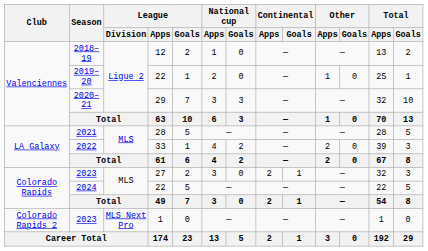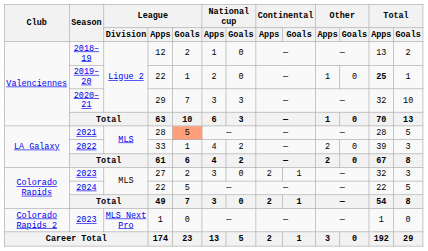 <table class="wikitable" style="text-align:center">
 <tr>
 <th rowspan="2">Club</th>
 <th rowspan="2">Season</th>
 <th colspan="3">League</th>
 <th colspan="2">National cup</th>
 <th colspan="2">Continental</th>
 <th colspan="2">Other</th>
 <th colspan="2">Total</th>
 </tr>
 <tr>
 <th>Division</th>
 <th>Apps</th>
 <th>Goals</th>
 <th>Apps</th>
 <th>Goals</th>
 <th>Apps</th>
 <th>Goals</th>
 <th>Apps</th>
 <th>Goals</th>
 <th>Apps</th>
 <th>Goals</th>
 </tr>
 <tr>
 <td rowspan="4"><a href='#'>Valenciennes</a></td>
 <td><a href='#'>2018–19</a></td>
 <td rowspan="3"><a href='#'>Ligue 2</a></td>
 <td>12</td>
 <td>2</td>
 <td>1</td>
 <td>0</td>
 <td colspan="2">—</td>
 <td colspan="2">—</td>
 <td>13</td>
 <td>2</td>
 </tr>
 <tr>
 <td><a href='#'>2019–20</a></td>
 <td>22</td>
 <td>1</td>
 <td>2</td>
 <td>0</td>
 <td colspan="2">—</td>
 <td>1</td>
 <td>0</td>
-<td>25</td>
+<td><strong>25</strong></td>
 <td>1</td>
 </tr>
 <tr>
 <td><a href='#'>2020–21</a></td>
 <td>29</td>
 <td>7</td>
 <td>3</td>
 <td>3</td>
 <td colspan="2">—</td>
 <td colspan="2">—</td>
 <td>32</td>
 <td>10</td>
 </tr>
 <tr>
 <th colspan="2">Total</th>
 <th>63</th>
 <th>10</th>
 <th>6</th>
 <th>3</th>
 <th colspan="2">—</th>
 <th>1</th>
 <th>0</th>
 <th>70</th>
 <th>13</th>
 </tr>
 <tr>
 <td rowspan="3"><a href='#'>LA Galaxy</a></td>
 <td><a href='#'>2021</a></td>
 <td rowspan="2"><a href='#'>MLS</a></td>
 <td>28</td>
-<td>5</td>
+<td style="background: lightsalmon;">5</td>
 <td colspan="2">—</td>
 <td colspan="2">—</td>
 <td colspan="2">—</td>
 <td>28</td>
 <td>5</td>
 </tr>
 <tr>
 <td><a href='#'>2022</a></td>
 <td>33</td>
 <td>1</td>
 <td>4</td>
 <td>2</td>
 <td colspan="2">—</td>
 <td>2</td>
 <td>0</td>
 <td>39</td>
 <td>3</td>
 </tr>
 <tr>
 <th colspan="2">Total</th>
 <th>61</th>
 <th>6</th>
 <th>4</th>
 <th>2</th>
 <th colspan="2">—</th>
 <th>2</th>
 <th>0</th>
 <th>67</th>
 <th>8</th>
 </tr>
 <tr>
 <td rowspan="3"><a href='#'>Colorado Rapids</a></td>
 <td><a href='#'>2023</a></td>
 <td rowspan="2">MLS</td>
 <td>27</td>
 <td>2</td>
 <td>3</td>
 <td>0</td>
 <td>2</td>
 <td>1</td>
 <td colspan="2">—</td>
 <td>32</td>
 <td>3</td>
 </tr>
 <tr>
 <td><a href='#'>2024</a></td>
 <td>22</td>
 <td>5</td>
 <td colspan="2">—</td>
 <td colspan="2">—</td>
 <td colspan="2">—</td>
 <td>22</td>
 <td>5</td>
 </tr>
 <tr>
 <th colspan="2">Total</th>
 <th>49</th>
 <th>7</th>
 <th>3</th>
 <th>0</th>
 <th>2</th>
 <th>1</th>
 <th colspan="2">—</th>
 <th>54</th>
 <th>8</th>
 </tr>
 <tr>
 <td><a href='#'>Colorado Rapids 2</a></td>
 <td><a href='#'>2023</a></td>
 <td><a href='#'>MLS Next Pro</a></td>
 <td>1</td>
 <td>0</td>
 <td colspan="2">—</td>
 <td colspan="2">—</td>
 <td colspan="2">—</td>
 <td>1</td>
 <td>0</td>
 </tr>
 <tr>
 <th colspan="3">Career Total</th>
 <th>174</th>
 <th>23</th>
 <th>13</th>
 <th>5</th>
 <th>2</th>
 <th>1</th>
 <th>3</th>
 <th>0</th>
 <th>192</th>
 <th>29</th>
 </tr>
 </table>
